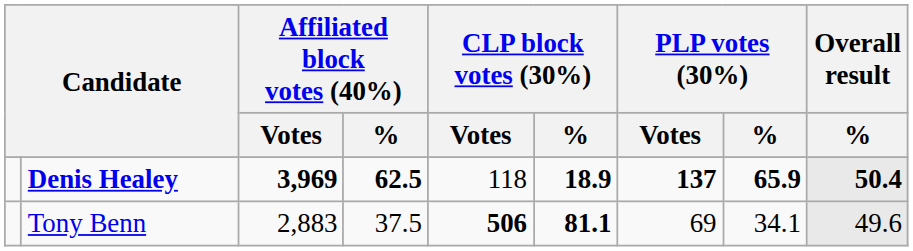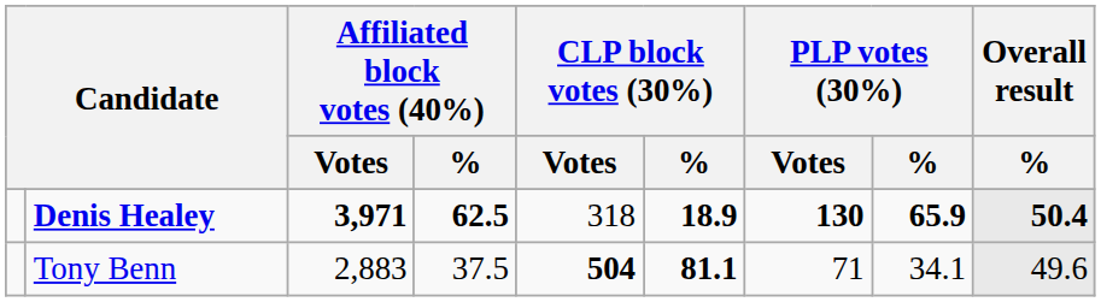 <table class=wikitable style="font-size:95%">
 <tr>
 <th colspan="2" scope="col" rowspan="2" width="125">Candidate</th>
 <th scope="col" colspan="2" width="100"><a href='#'>Affiliated block<br>votes</a> (40%)</th>
 <th scope="col" colspan="2" width="100"><a href='#'>CLP block votes</a> (30%)</th>
 <th scope="col" colspan="2" width="100"><a href='#'>PLP votes</a> <br> (30%)</th>
 <th scope="col" colspan="2" width="50">Overall result</th>
 </tr>
 <tr>
 <th>Votes</th>
 <th>%</th>
 <th>Votes</th>
 <th>%</th>
 <th>Votes</th>
 <th>%</th>
 <th>%</th>
 </tr>
 <tr align="right">
 <td style="background-color: "></td>
 <td scope="row" align="left"><strong><a href='#'>Denis Healey</a></strong> </td>
-<td><strong>3,969</strong></td>
+<td><strong>3,971</strong></td>
 <td><strong>62.5</strong></td>
-<td>118</td>
+<td>318</td>
 <td><strong>18.9</strong></td>
-<td><strong>137</strong></td>
+<td><strong>130</strong></td>
 <td><strong>65.9</strong></td>
 <td style="background:#e9e9e9;"><strong>50.4</strong></td>
 </tr>
 <tr align="right">
 <td style="background-color: "></td>
 <td scope="row" align="left"><a href='#'>Tony Benn</a></td>
 <td>2,883</td>
 <td>37.5</td>
-<td><strong>506</strong></td>
+<td><strong>504</strong></td>
 <td><strong>81.1</strong></td>
-<td>69</td>
+<td>71</td>
 <td>34.1</td>
 <td style="background:#e9e9e9;">49.6</td>
 </tr>
 </table>
